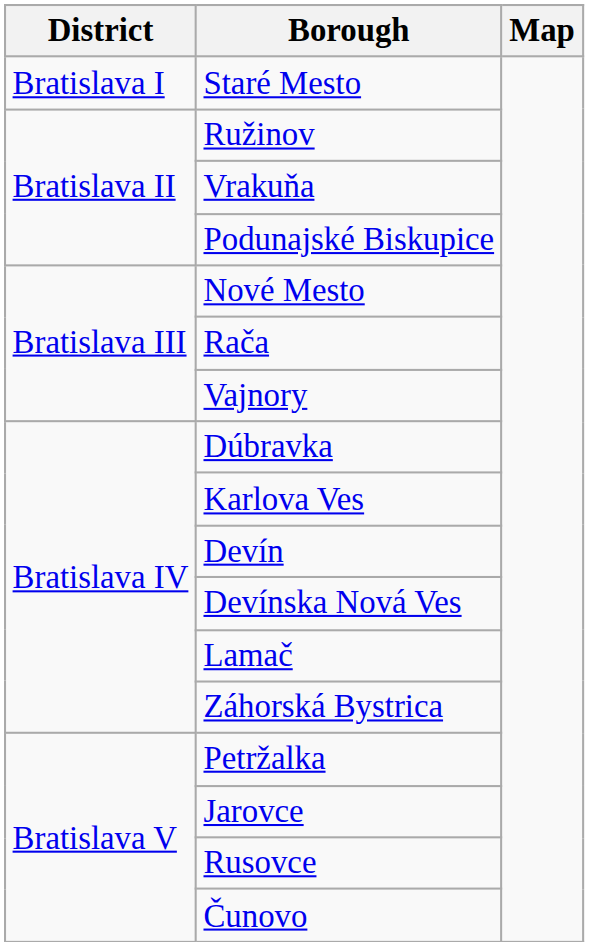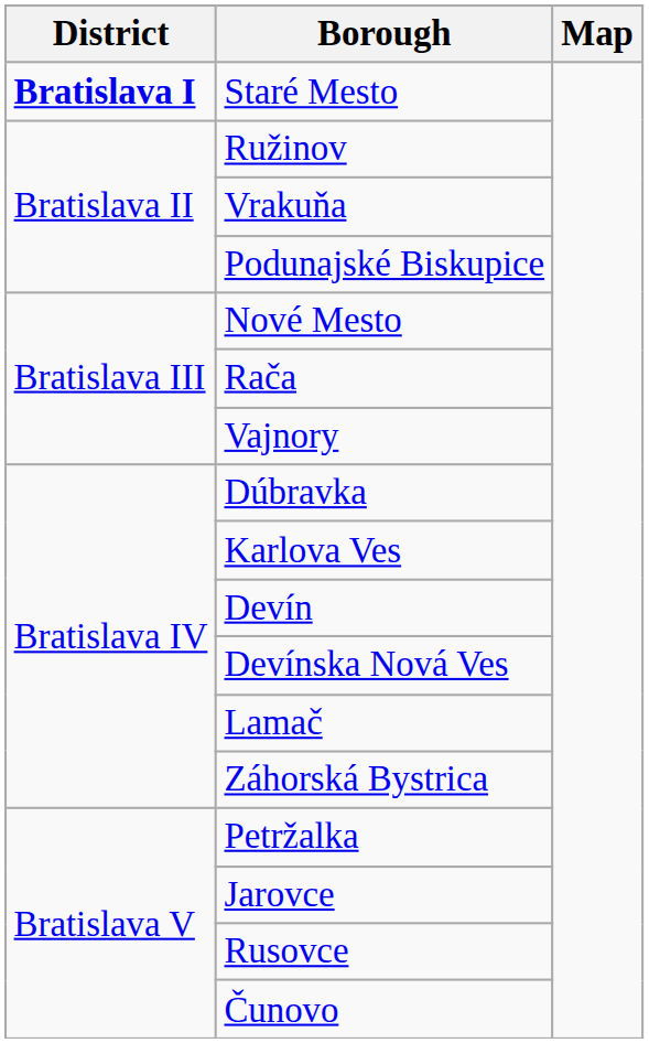 <table class="wikitable nowrap">
 <tr>
 <th>District</th>
 <th>Borough</th>
 <th>Map</th>
 </tr>
 <tr>
-<td><a href='#'>Bratislava I</a></td>
+<td><strong><a href='#'>Bratislava I</a></strong></td>
 <td> <a href='#'>Staré Mesto</a></td>
 <td rowspan="17"></td>
 </tr>
 <tr>
 <td rowspan="3"><a href='#'>Bratislava II</a></td>
 <td> <a href='#'>Ružinov</a></td>
 </tr>
 <tr>
 <td> <a href='#'>Vrakuňa</a></td>
 </tr>
 <tr>
 <td> <a href='#'>Podunajské Biskupice</a></td>
 </tr>
 <tr>
 <td rowspan="3"><a href='#'>Bratislava III</a></td>
 <td> <a href='#'>Nové Mesto</a></td>
 </tr>
 <tr>
 <td> <a href='#'>Rača</a></td>
 </tr>
 <tr>
 <td> <a href='#'>Vajnory</a></td>
 </tr>
 <tr>
 <td rowspan="6"><a href='#'>Bratislava IV</a></td>
 <td> <a href='#'>Dúbravka</a></td>
 </tr>
 <tr>
 <td> <a href='#'>Karlova Ves</a></td>
 </tr>
 <tr>
 <td> <a href='#'>Devín</a></td>
 </tr>
 <tr>
 <td> <a href='#'>Devínska Nová Ves</a></td>
 </tr>
 <tr>
 <td> <a href='#'>Lamač</a></td>
 </tr>
 <tr>
 <td> <a href='#'>Záhorská Bystrica</a></td>
 </tr>
 <tr>
 <td rowspan="4"><a href='#'>Bratislava V</a></td>
 <td> <a href='#'>Petržalka</a></td>
 </tr>
 <tr>
 <td> <a href='#'>Jarovce</a></td>
 </tr>
 <tr>
 <td> <a href='#'>Rusovce</a></td>
 </tr>
 <tr>
 <td> <a href='#'>Čunovo</a></td>
 </tr>
 </table>
